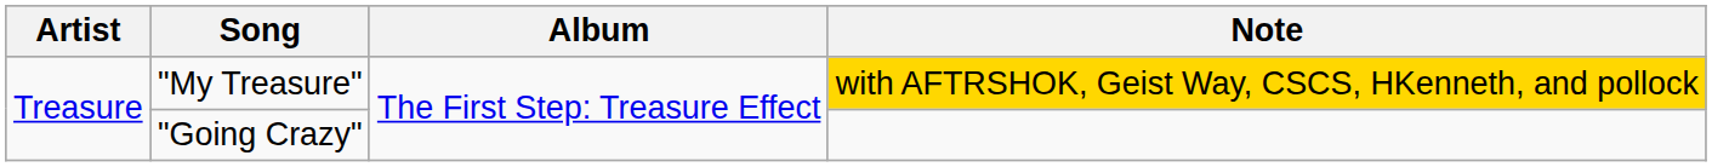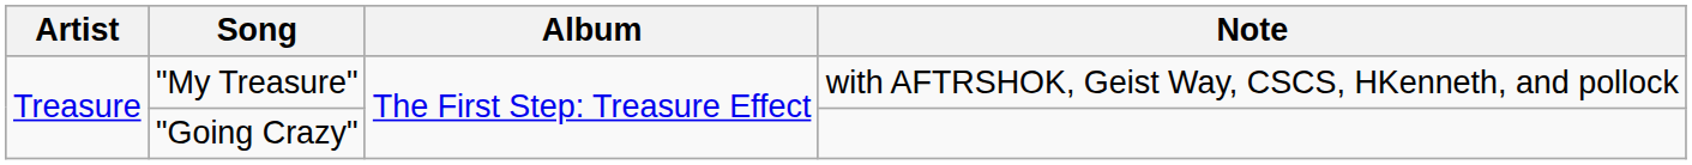 <table class="wikitable sortable">
 <tr>
 <th>Artist</th>
 <th>Song</th>
 <th>Album</th>
 <th>Note</th>
 </tr>
 <tr>
 <td rowspan=2><a href='#'>Treasure</a></td>
 <td>"My Treasure"</td>
 <td rowspan=2}><a href='#'>The First Step: Treasure Effect</a></td>
-<td style="background: gold;">with AFTRSHOK, Geist Way, CSCS, HKenneth, and pollock</td>
+<td>with AFTRSHOK, Geist Way, CSCS, HKenneth, and pollock</td>
 </tr>
 <tr>
 <td>"Going Crazy"</td>
 <td></td>
 </tr>
 </table>
